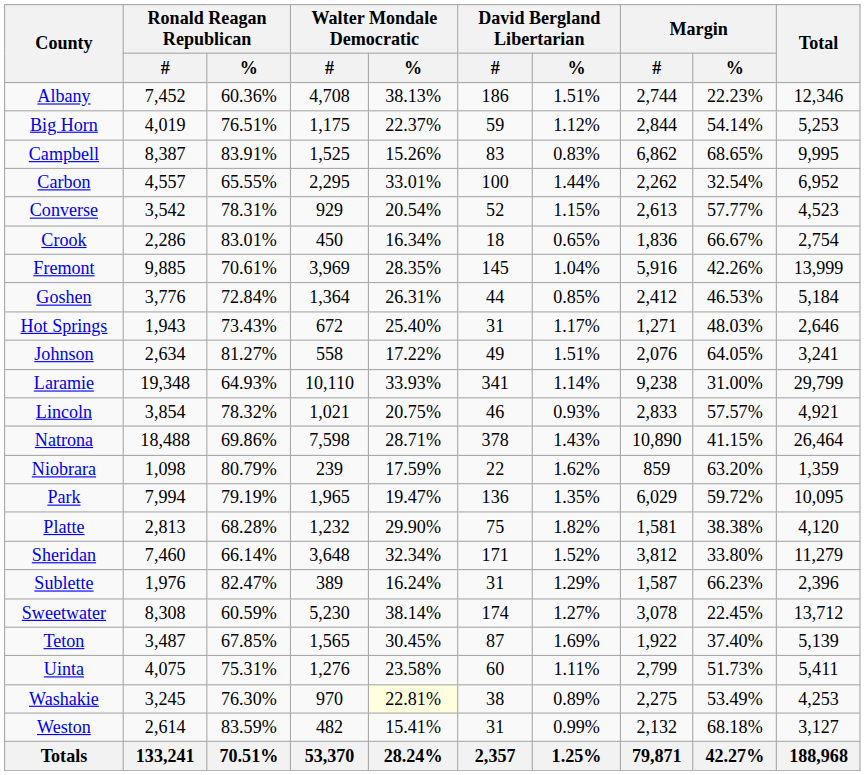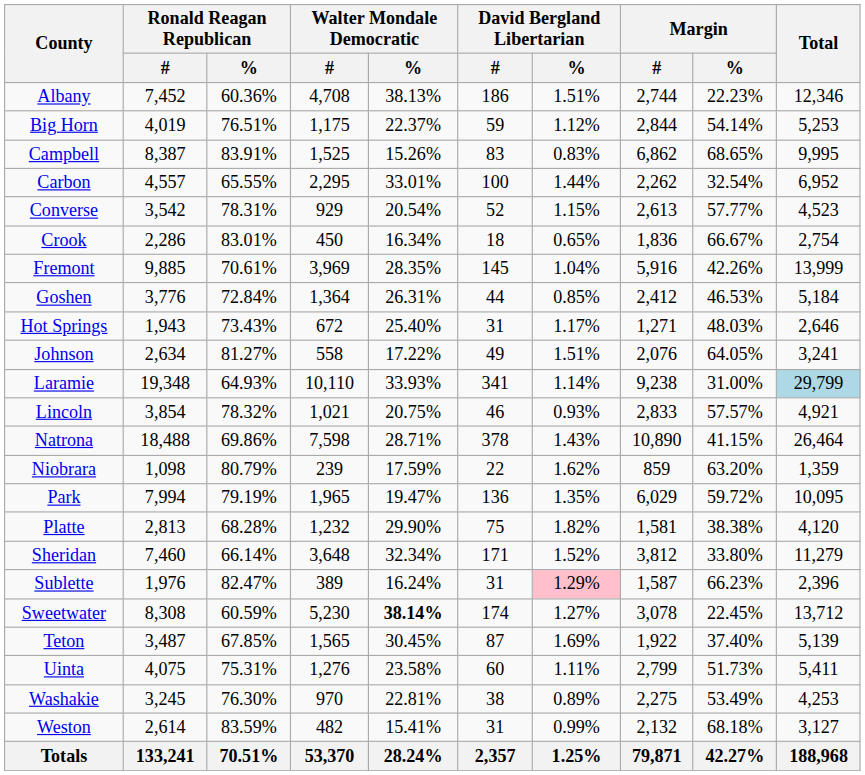 <table width="60%"  class="wikitable sortable" style="text-align:center">
 <tr>
 <th style="text-align:center;" rowspan="2">County</th>
 <th style="text-align:center;" colspan="2">Ronald Reagan<br>Republican</th>
 <th style="text-align:center;" colspan="2">Walter Mondale<br>Democratic</th>
 <th style="text-align:center;" colspan="2">David Bergland<br>Libertarian</th>
 <th style="text-align:center;" colspan="2">Margin</th>
 <th style="text-align:center;" rowspan="2">Total</th>
 </tr>
 <tr>
 <th style="text-align:center;" data-sort-type="number">#</th>
 <th style="text-align:center;" data-sort-type="number">%</th>
 <th style="text-align:center;" data-sort-type="number">#</th>
 <th style="text-align:center;" data-sort-type="number">%</th>
 <th style="text-align:center;" data-sort-type="number">#</th>
 <th style="text-align:center;" data-sort-type="number">%</th>
 <th style="text-align:center;" data-sort-type="number">#</th>
 <th style="text-align:center;" data-sort-type="number">%</th>
 </tr>
 <tr style="text-align:center;">
 <td><a href='#'>Albany</a></td>
 <td>7,452</td>
 <td>60.36%</td>
 <td>4,708</td>
 <td>38.13%</td>
 <td>186</td>
 <td>1.51%</td>
 <td>2,744</td>
 <td>22.23%</td>
 <td>12,346</td>
 </tr>
 <tr style="text-align:center;">
 <td><a href='#'>Big Horn</a></td>
 <td>4,019</td>
 <td>76.51%</td>
 <td>1,175</td>
 <td>22.37%</td>
 <td>59</td>
 <td>1.12%</td>
 <td>2,844</td>
 <td>54.14%</td>
 <td>5,253</td>
 </tr>
 <tr style="text-align:center;">
 <td><a href='#'>Campbell</a></td>
 <td>8,387</td>
 <td>83.91%</td>
 <td>1,525</td>
 <td>15.26%</td>
 <td>83</td>
 <td>0.83%</td>
 <td>6,862</td>
 <td>68.65%</td>
 <td>9,995</td>
 </tr>
 <tr style="text-align:center;">
 <td><a href='#'>Carbon</a></td>
 <td>4,557</td>
 <td>65.55%</td>
 <td>2,295</td>
 <td>33.01%</td>
 <td>100</td>
 <td>1.44%</td>
 <td>2,262</td>
 <td>32.54%</td>
 <td>6,952</td>
 </tr>
 <tr style="text-align:center;">
 <td><a href='#'>Converse</a></td>
 <td>3,542</td>
 <td>78.31%</td>
 <td>929</td>
 <td>20.54%</td>
 <td>52</td>
 <td>1.15%</td>
 <td>2,613</td>
 <td>57.77%</td>
 <td>4,523</td>
 </tr>
 <tr style="text-align:center;">
 <td><a href='#'>Crook</a></td>
 <td>2,286</td>
 <td>83.01%</td>
 <td>450</td>
 <td>16.34%</td>
 <td>18</td>
 <td>0.65%</td>
 <td>1,836</td>
 <td>66.67%</td>
 <td>2,754</td>
 </tr>
 <tr style="text-align:center;">
 <td><a href='#'>Fremont</a></td>
 <td>9,885</td>
 <td>70.61%</td>
 <td>3,969</td>
 <td>28.35%</td>
 <td>145</td>
 <td>1.04%</td>
 <td>5,916</td>
 <td>42.26%</td>
 <td>13,999</td>
 </tr>
 <tr style="text-align:center;">
 <td><a href='#'>Goshen</a></td>
 <td>3,776</td>
 <td>72.84%</td>
 <td>1,364</td>
 <td>26.31%</td>
 <td>44</td>
 <td>0.85%</td>
 <td>2,412</td>
 <td>46.53%</td>
 <td>5,184</td>
 </tr>
 <tr style="text-align:center;">
 <td><a href='#'>Hot Springs</a></td>
 <td>1,943</td>
 <td>73.43%</td>
 <td>672</td>
 <td>25.40%</td>
 <td>31</td>
 <td>1.17%</td>
 <td>1,271</td>
 <td>48.03%</td>
 <td>2,646</td>
 </tr>
 <tr style="text-align:center;">
 <td><a href='#'>Johnson</a></td>
 <td>2,634</td>
 <td>81.27%</td>
 <td>558</td>
 <td>17.22%</td>
 <td>49</td>
 <td>1.51%</td>
 <td>2,076</td>
 <td>64.05%</td>
 <td>3,241</td>
 </tr>
 <tr style="text-align:center;">
 <td><a href='#'>Laramie</a></td>
 <td>19,348</td>
 <td>64.93%</td>
 <td>10,110</td>
 <td>33.93%</td>
 <td>341</td>
 <td>1.14%</td>
 <td>9,238</td>
 <td>31.00%</td>
-<td>29,799</td>
+<td style="background: lightblue;">29,799</td>
 </tr>
 <tr style="text-align:center;">
 <td><a href='#'>Lincoln</a></td>
 <td>3,854</td>
 <td>78.32%</td>
 <td>1,021</td>
 <td>20.75%</td>
 <td>46</td>
 <td>0.93%</td>
 <td>2,833</td>
 <td>57.57%</td>
 <td>4,921</td>
 </tr>
 <tr style="text-align:center;">
 <td><a href='#'>Natrona</a></td>
 <td>18,488</td>
 <td>69.86%</td>
 <td>7,598</td>
 <td>28.71%</td>
 <td>378</td>
 <td>1.43%</td>
 <td>10,890</td>
 <td>41.15%</td>
 <td>26,464</td>
 </tr>
 <tr style="text-align:center;">
 <td><a href='#'>Niobrara</a></td>
 <td>1,098</td>
 <td>80.79%</td>
 <td>239</td>
 <td>17.59%</td>
 <td>22</td>
 <td>1.62%</td>
 <td>859</td>
 <td>63.20%</td>
 <td>1,359</td>
 </tr>
 <tr style="text-align:center;">
 <td><a href='#'>Park</a></td>
 <td>7,994</td>
 <td>79.19%</td>
 <td>1,965</td>
 <td>19.47%</td>
 <td>136</td>
 <td>1.35%</td>
 <td>6,029</td>
 <td>59.72%</td>
 <td>10,095</td>
 </tr>
 <tr style="text-align:center;">
 <td><a href='#'>Platte</a></td>
 <td>2,813</td>
 <td>68.28%</td>
 <td>1,232</td>
 <td>29.90%</td>
 <td>75</td>
 <td>1.82%</td>
 <td>1,581</td>
 <td>38.38%</td>
 <td>4,120</td>
 </tr>
 <tr style="text-align:center;">
 <td><a href='#'>Sheridan</a></td>
 <td>7,460</td>
 <td>66.14%</td>
 <td>3,648</td>
 <td>32.34%</td>
 <td>171</td>
 <td>1.52%</td>
 <td>3,812</td>
 <td>33.80%</td>
 <td>11,279</td>
 </tr>
 <tr style="text-align:center;">
 <td><a href='#'>Sublette</a></td>
 <td>1,976</td>
 <td>82.47%</td>
 <td>389</td>
 <td>16.24%</td>
 <td>31</td>
-<td>1.29%</td>
+<td style="background: pink;">1.29%</td>
 <td>1,587</td>
 <td>66.23%</td>
 <td>2,396</td>
 </tr>
 <tr style="text-align:center;">
 <td><a href='#'>Sweetwater</a></td>
 <td>8,308</td>
 <td>60.59%</td>
 <td>5,230</td>
-<td>38.14%</td>
+<td><strong>38.14%</strong></td>
 <td>174</td>
 <td>1.27%</td>
 <td>3,078</td>
 <td>22.45%</td>
 <td>13,712</td>
 </tr>
 <tr style="text-align:center;">
 <td><a href='#'>Teton</a></td>
 <td>3,487</td>
 <td>67.85%</td>
 <td>1,565</td>
 <td>30.45%</td>
 <td>87</td>
 <td>1.69%</td>
 <td>1,922</td>
 <td>37.40%</td>
 <td>5,139</td>
 </tr>
 <tr style="text-align:center;">
 <td><a href='#'>Uinta</a></td>
 <td>4,075</td>
 <td>75.31%</td>
 <td>1,276</td>
 <td>23.58%</td>
 <td>60</td>
 <td>1.11%</td>
 <td>2,799</td>
 <td>51.73%</td>
 <td>5,411</td>
 </tr>
 <tr style="text-align:center;">
 <td><a href='#'>Washakie</a></td>
 <td>3,245</td>
 <td>76.30%</td>
 <td>970</td>
-<td style="background: lightyellow;">22.81%</td>
+<td>22.81%</td>
 <td>38</td>
 <td>0.89%</td>
 <td>2,275</td>
 <td>53.49%</td>
 <td>4,253</td>
 </tr>
 <tr style="text-align:center;">
 <td><a href='#'>Weston</a></td>
 <td>2,614</td>
 <td>83.59%</td>
 <td>482</td>
 <td>15.41%</td>
 <td>31</td>
 <td>0.99%</td>
 <td>2,132</td>
 <td>68.18%</td>
 <td>3,127</td>
 </tr>
 <tr style="text-align:center;">
 <th>Totals</th>
 <th>133,241</th>
 <th>70.51%</th>
 <th>53,370</th>
 <th>28.24%</th>
 <th>2,357</th>
 <th>1.25%</th>
 <th>79,871</th>
 <th>42.27%</th>
 <th>188,968</th>
 </tr>
 </table>
